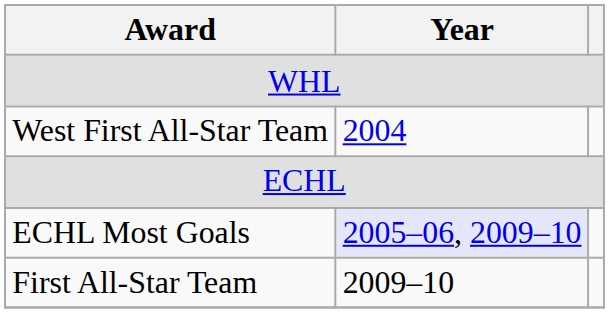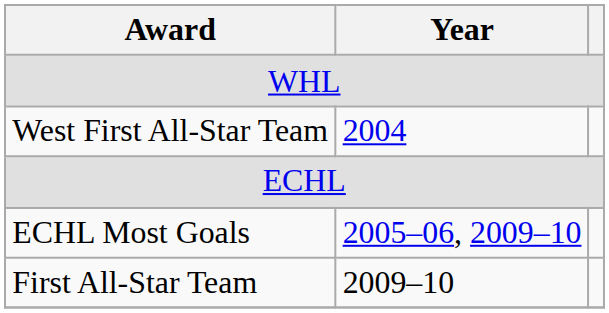 <table class="wikitable">
 <tr>
 <th>Award</th>
 <th>Year</th>
 <th></th>
 </tr>
 <tr ALIGN="center" bgcolor="#e0e0e0">
 <td colspan="3"><a href='#'>WHL</a></td>
 </tr>
 <tr>
 <td>West First All-Star Team</td>
 <td><a href='#'>2004</a></td>
 <td></td>
 </tr>
 <tr ALIGN="center" bgcolor="#e0e0e0">
 <td colspan="3"><a href='#'>ECHL</a></td>
 </tr>
 <tr>
 <td>ECHL Most Goals</td>
-<td style="background: lavender;"><a href='#'>2005–06</a>, <a href='#'>2009–10</a></td>
+<td><a href='#'>2005–06</a>, <a href='#'>2009–10</a></td>
 <td></td>
 </tr>
 <tr>
 <td>First All-Star Team</td>
 <td>2009–10</td>
 <td></td>
 </tr>
 <tr>
 </tr>
 </table>
